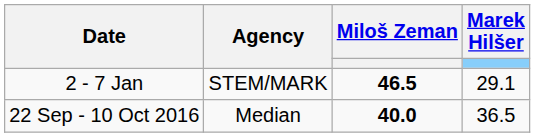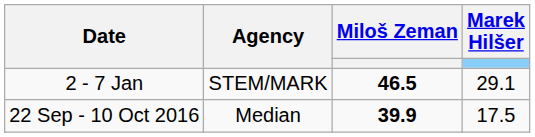 <table class="wikitable collapsible collapsed" style=text-align:center>
 <tr>
 <th rowspan="2">Date</th>
 <th rowspan="2">Agency</th>
 <th><a href='#'>Miloš Zeman</a></th>
 <th><a href='#'>Marek Hilšer</a></th>
 </tr>
 <tr>
 <th style="background:"></th>
 <th style="background:#87CEFA; width:40px;"></th>
 </tr>
 <tr>
 <td>2 - 7 Jan</td>
 <td>STEM/MARK</td>
 <td><strong>46.5</strong></td>
 <td>29.1</td>
 </tr>
 <tr>
 <td>22 Sep - 10 Oct 2016</td>
 <td>Median</td>
-<td><strong>40.0</strong></td>
-<td>36.5</td>
+<td><strong>39.9</strong></td>
+<td>17.5</td>
 </tr>
 </table>
